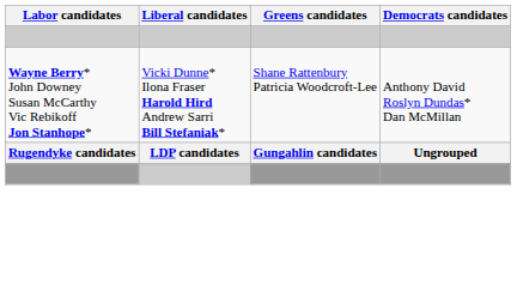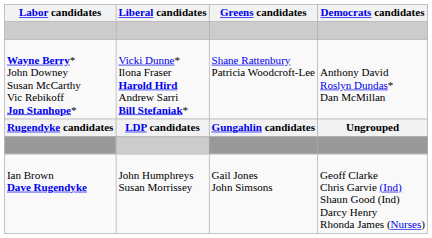 <table class="wikitable">
 <tr>
 <th><a href='#'>Labor</a> candidates</th>
 <th><a href='#'>Liberal</a> candidates</th>
 <th><a href='#'>Greens</a> candidates</th>
 <th><a href='#'>Democrats</a> candidates</th>
 </tr>
 <tr style="background:#ccc;">
 <td></td>
 <td></td>
 <td></td>
 <td> </td>
 </tr>
 <tr>
 <td><br><strong><a href='#'>Wayne Berry</a></strong>* <br> John Downey <br> Susan McCarthy <br> Vic Rebikoff <br> <strong><a href='#'>Jon Stanhope</a></strong>*</td>
 <td><br><a href='#'>Vicki Dunne</a>* <br> Ilona Fraser <br> <strong><a href='#'>Harold Hird</a></strong> <br> Andrew Sarri <br> <strong><a href='#'>Bill Stefaniak</a></strong>*</td>
 <td valign=top><br><a href='#'>Shane Rattenbury</a> <br> Patricia Woodcroft-Lee</td>
 <td><br>Anthony David <br> <a href='#'>Roslyn Dundas</a>* <br> Dan McMillan</td>
 </tr>
 <tr style="background:#ccc;">
 <th><a href='#'>Rugendyke</a> candidates</th>
 <th><a href='#'>LDP</a> candidates</th>
 <th><a href='#'>Gungahlin</a> candidates</th>
 <th>Ungrouped</th>
 </tr>
 <tr style="background:#ccc;">
 <td style="background:#999;"></td>
 <td></td>
 <td style="background:#999;"></td>
 <td style="background:#999;"> </td>
 </tr>
+<tr>
+<td valign=top><br>Ian Brown <br> <strong><a href='#'>Dave Rugendyke</a></strong></td>
+<td valign=top><br>John Humphreys <br> Susan Morrissey</td>
+<td valign=top><br>Gail Jones <br> John Simsons</td>
+<td valign=top><br>Geoff Clarke <br> Chris Garvie <a href='#'>(Ind)</a> <br> Shaun Good (Ind) <br> Darcy Henry <br> Rhonda James (<a href='#'>Nurses</a>)</td>
+</tr>
 </table>
